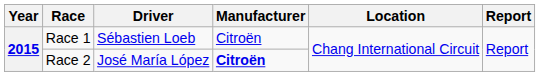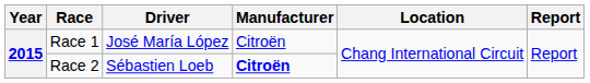 <table class="wikitable" style="font-size: 95%;">
 <tr>
 <th>Year</th>
 <th>Race</th>
 <th>Driver</th>
 <th>Manufacturer</th>
 <th>Location</th>
 <th>Report</th>
 </tr>
 <tr>
 <th rowspan=2><a href='#'>2015</a></th>
 <td>Race 1</td>
-<td> <a href='#'>Sébastien Loeb</a></td>
+<td> <a href='#'>José María López</a></td>
 <td> <a href='#'>Citroën</a></td>
 <td rowspan=2><a href='#'>Chang International Circuit</a></td>
 <td rowspan=2><a href='#'>Report</a></td>
 </tr>
 <tr>
 <td>Race 2</td>
-<td> <a href='#'>José María López</a></td>
+<td> <a href='#'>Sébastien Loeb</a></td>
 <td><strong> <a href='#'>Citroën</a></strong></td>
 </tr>
 </table>
